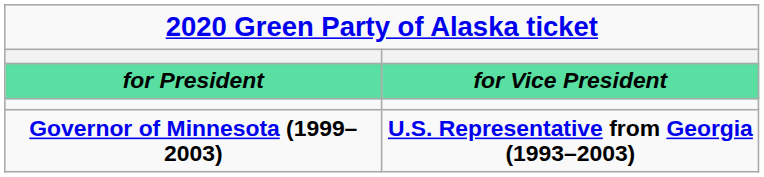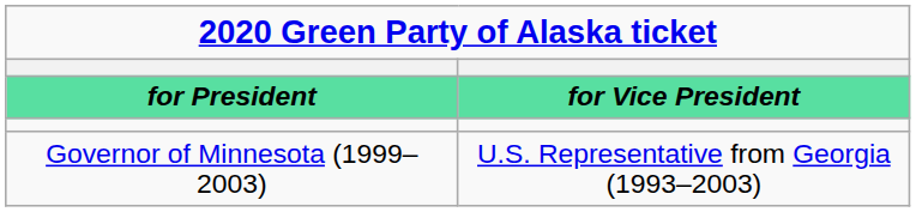 <table class="wikitable" style="font-size:90%; text-align:center;">
 <tr>
 <td colspan=2><big><strong><a href='#'>2020 Green Party of Alaska ticket</a></strong></big></td>
 </tr>
 <tr>
 <th style="font-size:135%; background:"></th>
 <th style="font-size:135%; background:"></th>
 </tr>
 <tr style="color:#000; font-size:100%; background:#58DFA1">
 <td><strong><em>for President</em></strong></td>
 <td><strong><em>for Vice President</em></strong></td>
 </tr>
 <tr>
 <td></td>
 <td></td>
 </tr>
 <tr>
-<td style=width:16em><strong><a href='#'>Governor of Minnesota</a> (1999–2003)</strong></td>
-<td style=width:16em><strong><a href='#'>U.S. Representative</a> from <a href='#'>Georgia</a> (1993–2003)</strong></td>
+<td style=width:16em><a href='#'>Governor of Minnesota</a> (1999–2003)</td>
+<td style=width:16em><a href='#'>U.S. Representative</a> from <a href='#'>Georgia</a> (1993–2003)</td>
 </tr>
 </table>
